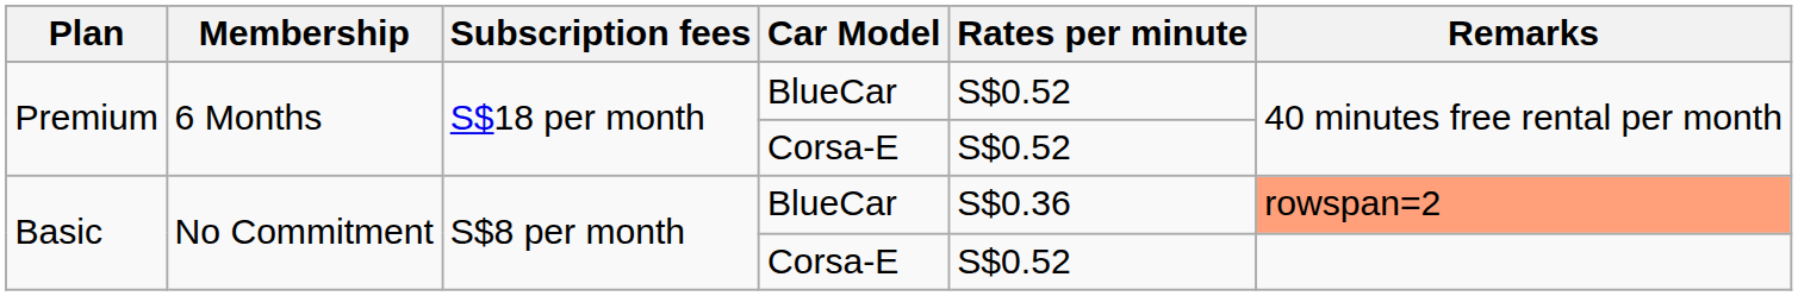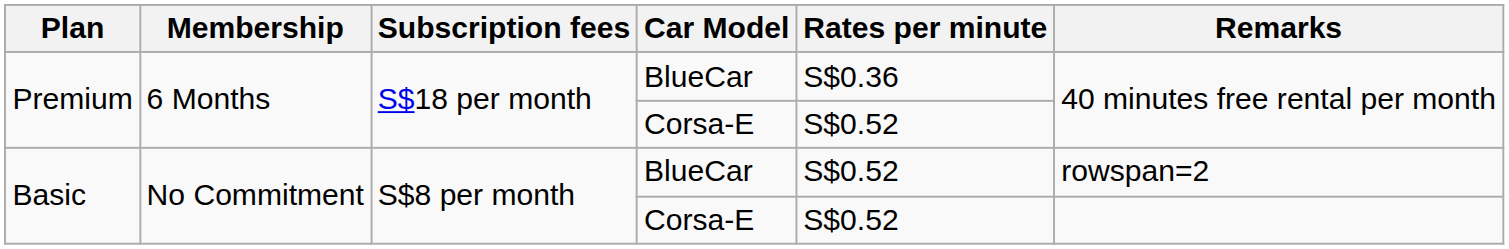 <table class="wikitable" style="margin: 1em auto 1em auto">
 <tr>
 <th>Plan</th>
 <th>Membership</th>
 <th>Subscription fees</th>
 <th>Car Model</th>
 <th>Rates per minute</th>
 <th>Remarks</th>
 </tr>
 <tr>
 <td rowspan=2>Premium</td>
 <td rowspan=2>6 Months</td>
 <td rowspan=2><a href='#'>S$</a>18 per month</td>
 <td>BlueCar</td>
-<td>S$0.52</td>
+<td>S$0.36</td>
 <td rowspan=2>40 minutes free rental per month</td>
 </tr>
 <tr>
 <td>Corsa-E</td>
 <td>S$0.52</td>
 </tr>
 <tr>
 <td rowspan=2>Basic</td>
 <td rowspan=2>No Commitment</td>
 <td rowspan=2>S$8 per month</td>
 <td>BlueCar</td>
-<td>S$0.36</td>
-<td style="background: lightsalmon;">rowspan=2 </td>
+<td>S$0.52</td>
+<td>rowspan=2 </td>
 </tr>
 <tr>
 <td>Corsa-E</td>
 <td>S$0.52</td>
 </tr>
 </table>
